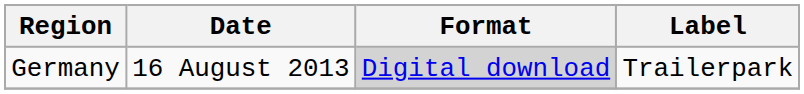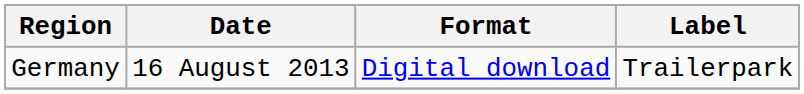 <table class=wikitable>
 <tr>
 <th>Region</th>
 <th>Date</th>
 <th>Format</th>
 <th>Label</th>
 </tr>
 <tr>
 <td>Germany</td>
 <td>16 August 2013</td>
-<td style="background: lightgrey;"><a href='#'>Digital download</a></td>
+<td><a href='#'>Digital download</a></td>
 <td>Trailerpark</td>
 </tr>
 <tr>
 </tr>
 </table>
